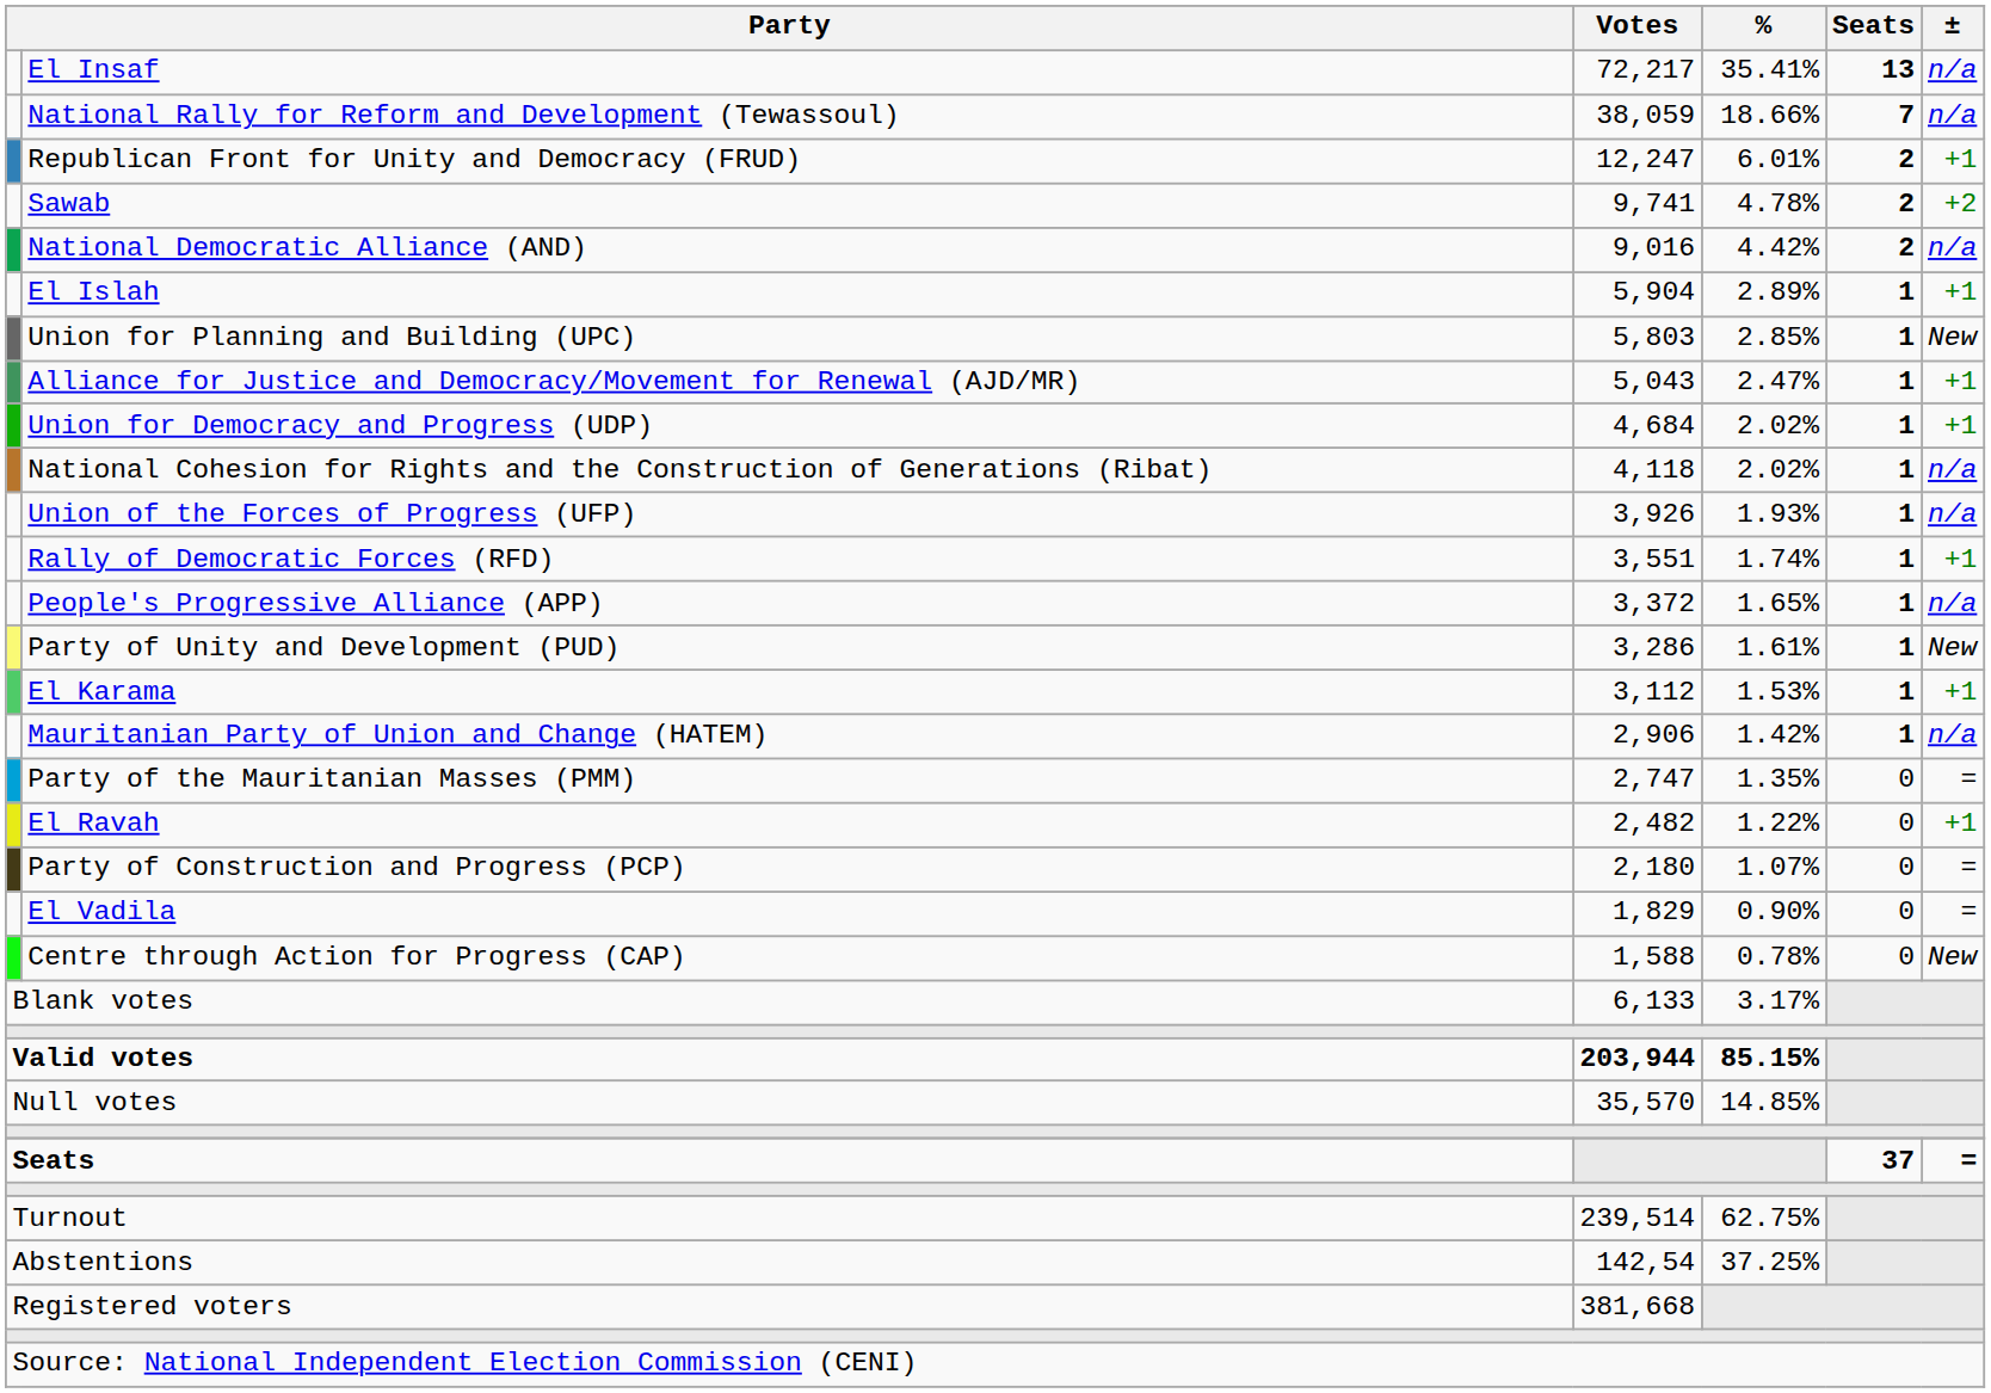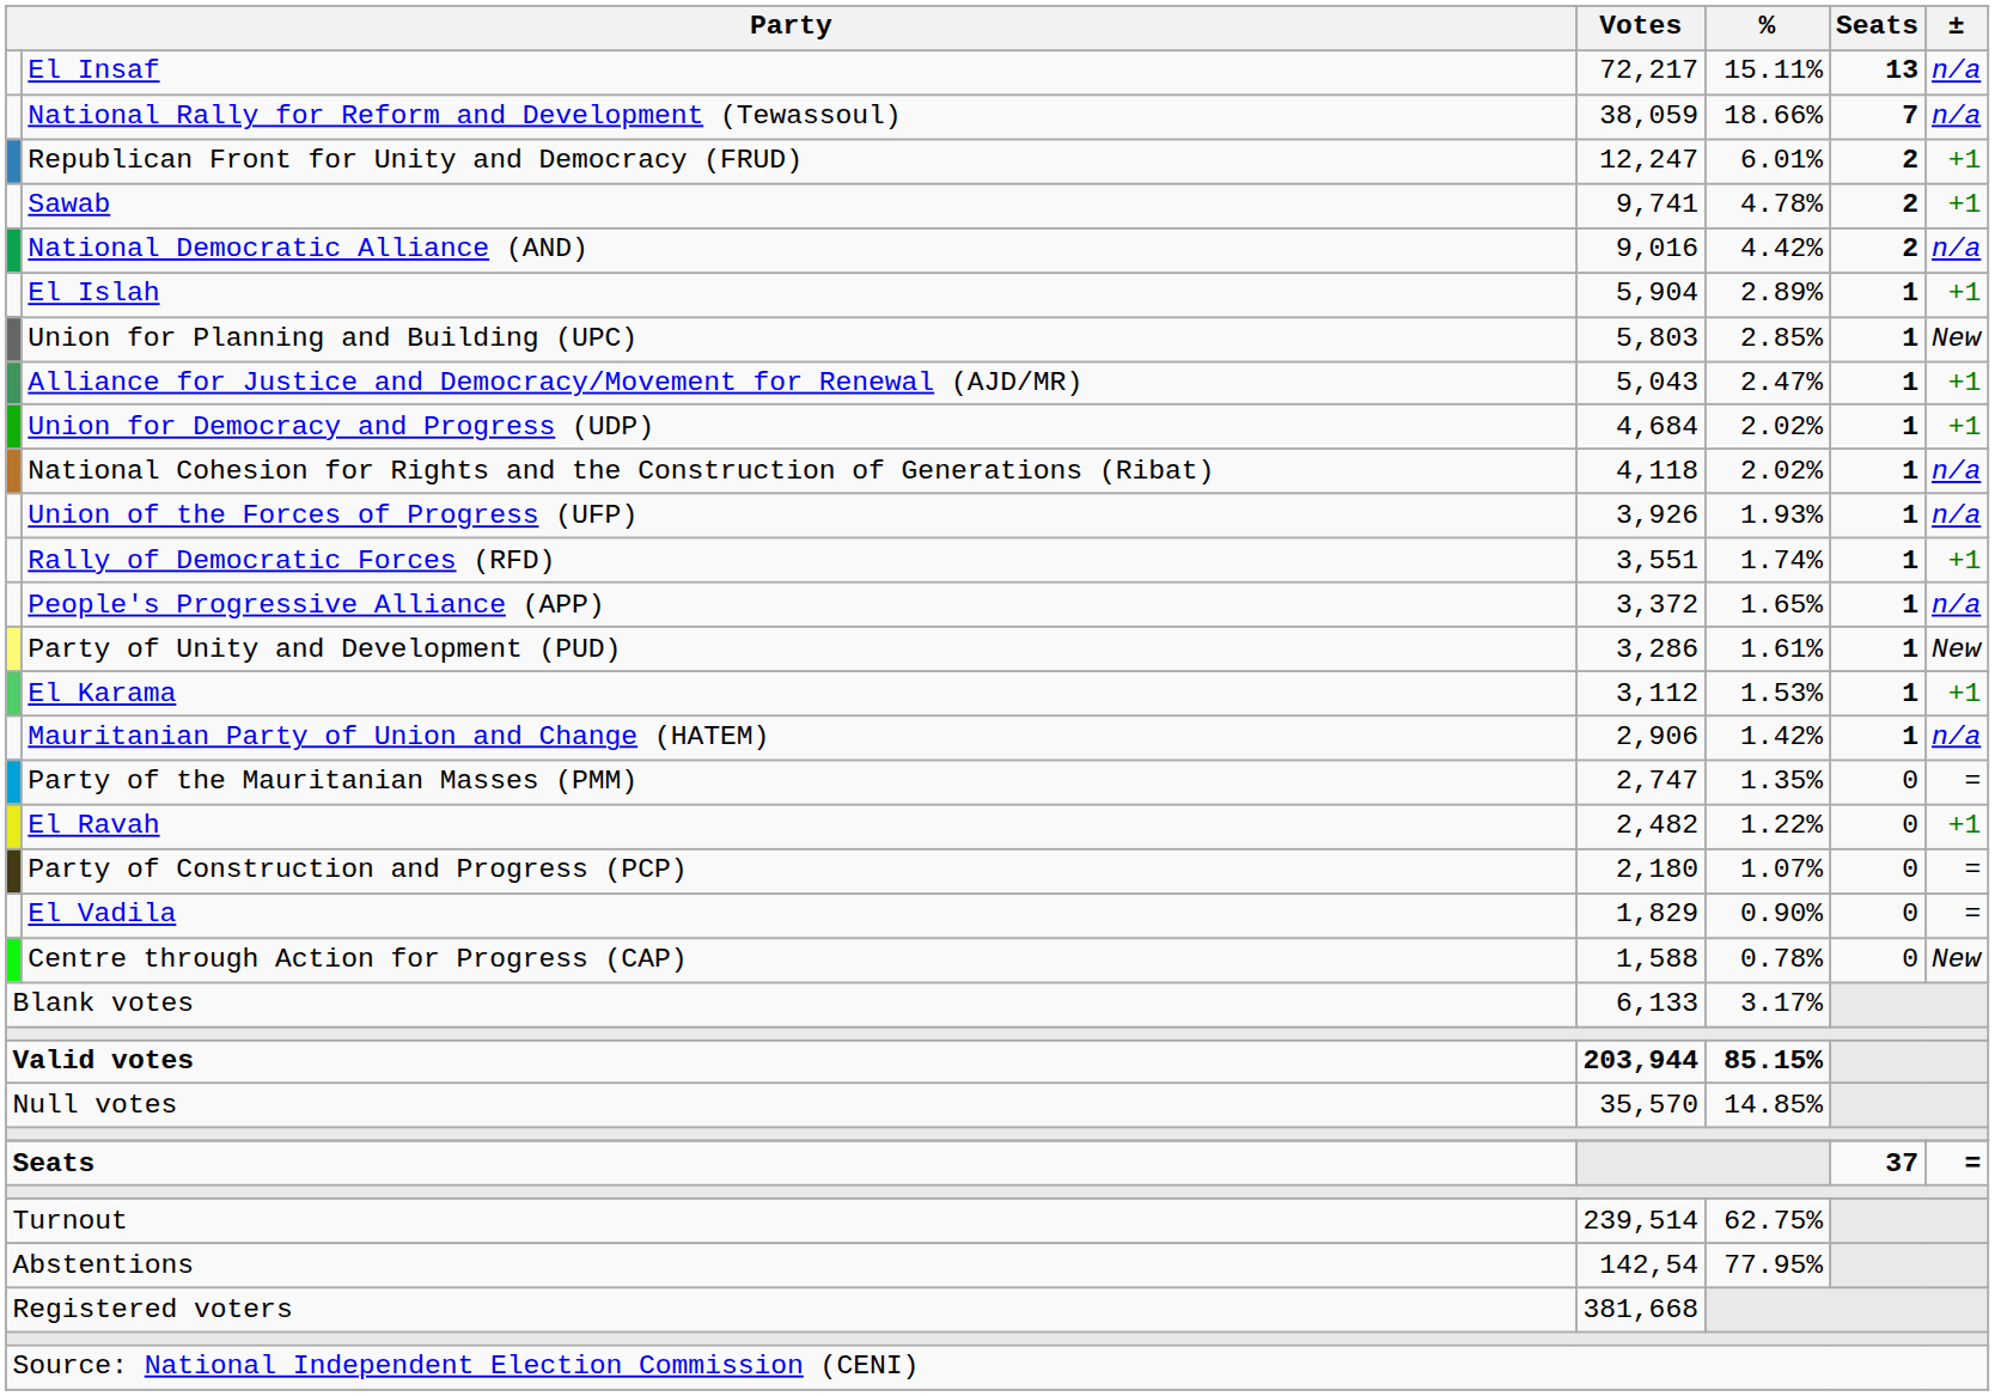 <table class="wikitable" style="text-align:right;font-size:95%;">
 <tr>
 <th width="700" colspan="2">Party</th>
 <th width="50">Votes</th>
 <th width="50">%</th>
 <th width="25">Seats</th>
 <th width="20">±</th>
 </tr>
 <tr>
 <td width="1" style="color:inherit;background:"></td>
 <td style="text-align:left;"><a href='#'>El Insaf</a></td>
 <td>72,217</td>
-<td>35.41%</td>
+<td>15.11%</td>
 <td><strong>13</strong></td>
 <td><em><a href='#'>n/a</a></em></td>
 </tr>
 <tr>
 <td width="1" style="color:inherit;background:"></td>
 <td style="text-align:left;"><a href='#'>National Rally for Reform and Development</a> (Tewassoul)</td>
 <td>38,059</td>
 <td>18.66%</td>
 <td><strong>7</strong></td>
 <td><em><a href='#'>n/a</a></em></td>
 </tr>
 <tr>
 <td width="1" style="color:inherit;background:#3080B7;"></td>
 <td style="text-align:left;">Republican Front for Unity and Democracy (FRUD)</td>
 <td>12,247</td>
 <td>6.01%</td>
 <td><strong>2</strong></td>
 <td style="color:green;">+1</td>
 </tr>
 <tr>
 <td width="1" style="color:inherit;background:"></td>
 <td style="text-align:left;"><a href='#'>Sawab</a></td>
 <td>9,741</td>
 <td>4.78%</td>
 <td><strong>2</strong></td>
-<td style="color:green;">+2</td>
+<td style="color:green;">+1</td>
 </tr>
 <tr>
 <td width="1" style="color:inherit;background:#0AA450;"></td>
 <td style="text-align:left;"><a href='#'>National Democratic Alliance</a> (AND)</td>
 <td>9,016</td>
 <td>4.42%</td>
 <td><strong>2</strong></td>
 <td><em><a href='#'>n/a</a></em></td>
 </tr>
 <tr>
 <td width="1" style="color:inherit;background:"></td>
 <td style="text-align:left;"><a href='#'>El Islah</a></td>
 <td>5,904</td>
 <td>2.89%</td>
 <td><strong>1</strong></td>
 <td style="color:green;">+1</td>
 </tr>
 <tr>
 <td width="1" style="color:inherit;background:#666666;"></td>
 <td style="text-align:left;">Union for Planning and Building (UPC)</td>
 <td>5,803</td>
 <td>2.85%</td>
 <td><strong>1</strong></td>
 <td><em>New</em></td>
 </tr>
 <tr>
 <td width="1" style="color:inherit;background:#3F945D;"></td>
 <td style="text-align:left;"><a href='#'>Alliance for Justice and Democracy/Movement for Renewal</a> (AJD/MR)</td>
 <td>5,043</td>
 <td>2.47%</td>
 <td><strong>1</strong></td>
 <td style="color:green;">+1</td>
 </tr>
 <tr>
 <td width="1" style="color:inherit;background:#0FAF05;"></td>
 <td style="text-align:left;"><a href='#'>Union for Democracy and Progress</a> (UDP)</td>
 <td>4,684</td>
 <td>2.02%</td>
 <td><strong>1</strong></td>
 <td style="color:green;">+1</td>
 </tr>
 <tr>
 <td width="1" style="color:inherit;background:#B7752C;"></td>
 <td style="text-align:left;">National Cohesion for Rights and the Construction of Generations (Ribat)</td>
 <td>4,118</td>
 <td>2.02%</td>
 <td><strong>1</strong></td>
 <td><em><a href='#'>n/a</a></em></td>
 </tr>
 <tr>
 <td width="1" style="color:inherit;background:"></td>
 <td style="text-align:left;"><a href='#'>Union of the Forces of Progress</a> (UFP)</td>
 <td>3,926</td>
 <td>1.93%</td>
 <td><strong>1</strong></td>
 <td><em><a href='#'>n/a</a></em></td>
 </tr>
 <tr>
 <td width="1" style="color:inherit;background:"></td>
 <td style="text-align:left;"><a href='#'>Rally of Democratic Forces</a> (RFD)</td>
 <td>3,551</td>
 <td>1.74%</td>
 <td><strong>1</strong></td>
 <td style="color:green;">+1</td>
 </tr>
 <tr>
 <td width="1" style="color:inherit;background:"></td>
 <td style="text-align:left;"><a href='#'>People's Progressive Alliance</a> (APP)</td>
 <td>3,372</td>
 <td>1.65%</td>
 <td><strong>1</strong></td>
 <td><em><a href='#'>n/a</a></em></td>
 </tr>
 <tr>
 <td width="1" style="color:inherit;background:#FAFA75;"></td>
 <td style="text-align:left;">Party of Unity and Development (PUD)</td>
 <td>3,286</td>
 <td>1.61%</td>
 <td><strong>1</strong></td>
 <td><em>New</em></td>
 </tr>
 <tr>
 <td width="1" style="color:inherit;background:#4FCB68;"></td>
 <td style="text-align:left;"><a href='#'>El Karama</a></td>
 <td>3,112</td>
 <td>1.53%</td>
 <td><strong>1</strong></td>
 <td style="color:green;">+1</td>
 </tr>
 <tr>
 <td width="1" style="color:inherit;background:"></td>
 <td style="text-align:left;"><a href='#'>Mauritanian Party of Union and Change</a> (HATEM)</td>
 <td>2,906</td>
 <td>1.42%</td>
 <td><strong>1</strong></td>
 <td><em><a href='#'>n/a</a></em></td>
 </tr>
 <tr>
 <td width="1" style="color:inherit;background:#00A1D7;"></td>
 <td style="text-align:left;">Party of the Mauritanian Masses (PMM)</td>
 <td>2,747</td>
 <td>1.35%</td>
 <td>0</td>
 <td>=</td>
 </tr>
 <tr>
 <td width="1" style="color:inherit;background:#E7EB16;"></td>
 <td style="text-align:left;"><a href='#'>El Ravah</a></td>
 <td>2,482</td>
 <td>1.22%</td>
 <td>0</td>
 <td style="color:green;">+1</td>
 </tr>
 <tr>
 <td width="1" style="color:inherit;background:#433A16;"></td>
 <td style="text-align:left;">Party of Construction and Progress (PCP)</td>
 <td>2,180</td>
 <td>1.07%</td>
 <td>0</td>
 <td>=</td>
 </tr>
 <tr>
 <td width="1" style="color:inherit;background:"></td>
 <td style="text-align:left;"><a href='#'>El Vadila</a></td>
 <td>1,829</td>
 <td>0.90%</td>
 <td>0</td>
 <td>=</td>
 </tr>
 <tr>
 <td width="1" style="color:inherit;background:#0EF70E;"></td>
 <td style="text-align:left;">Centre through Action for Progress (CAP)</td>
 <td>1,588</td>
 <td>0.78%</td>
 <td>0</td>
 <td><em>New</em></td>
 </tr>
 <tr>
 <td colspan="2" style="text-align:left;">Blank votes</td>
 <td>6,133</td>
 <td>3.17%</td>
 <td colspan="2" style="background:#E9E9E9;"></td>
 </tr>
 <tr>
 <td colspan="6" style="background:#E9E9E9;"></td>
 </tr>
 <tr style="font-weight:bold;">
 <td colspan="2" style="text-align:left;">Valid votes</td>
 <td>203,944</td>
 <td>85.15%</td>
 <td colspan="2" style="background:#E9E9E9;"></td>
 </tr>
 <tr>
 <td colspan="2" style="text-align:left;">Null votes</td>
 <td>35,570</td>
 <td>14.85%</td>
 <td colspan="2" style="background:#E9E9E9;"></td>
 </tr>
 <tr>
 <td colspan="6" style="background:#E9E9E9;"></td>
 </tr>
 <tr>
 </tr>
 <tr style="font-weight:bold;">
 <td colspan="2" style="text-align:left;">Seats</td>
 <td colspan="2" style="background:#E9E9E9;"></td>
 <td>37</td>
 <td>=</td>
 </tr>
 <tr>
 <td colspan="6" style="background:#E9E9E9;"></td>
 </tr>
 <tr>
 <td colspan="2" style="text-align:left;">Turnout</td>
 <td>239,514</td>
 <td>62.75%</td>
 <td colspan="2" style="background:#E9E9E9;"></td>
 </tr>
 <tr>
 <td colspan="2" style="text-align:left;">Abstentions</td>
 <td>142,54</td>
-<td>37.25%</td>
+<td>77.95%</td>
 <td colspan="2" style="background:#E9E9E9;"></td>
 </tr>
 <tr>
 <td colspan="2" style="text-align:left;">Registered voters</td>
 <td>381,668</td>
 <td colspan="3" style="background:#E9E9E9;"></td>
 </tr>
 <tr>
 <td colspan="6" style="background:#E9E9E9;"></td>
 </tr>
 <tr>
 <td colspan="6" style="text-align:left;">Source: <a href='#'>National Independent Election Commission</a> (CENI)</td>
 </tr>
 </table>
